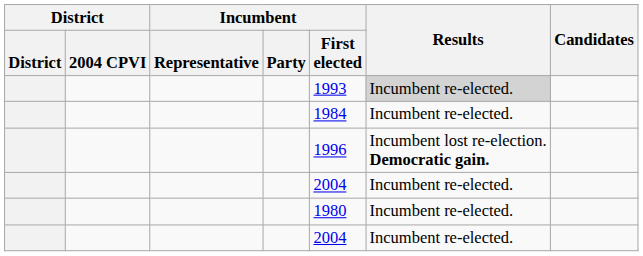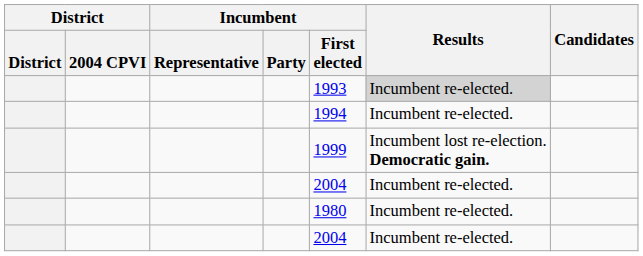 <table class="wikitable sortable">
 <tr>
 <th colspan=2>District</th>
 <th colspan=3>Incumbent</th>
 <th rowspan=2>Results</th>
 <th rowspan=2>Candidates</th>
 </tr>
 <tr valign=bottom>
 <th>District</th>
 <th>2004 CPVI</th>
 <th>Representative</th>
 <th>Party</th>
 <th>First<br>elected</th>
 </tr>
 <tr>
 <th></th>
 <td></td>
 <td></td>
 <td></td>
 <td><a href='#'>1993</a></td>
 <td style="background: lightgrey;">Incumbent re-elected.</td>
 <td nowrap></td>
 </tr>
 <tr>
 <th></th>
 <td></td>
 <td></td>
 <td></td>
-<td><a href='#'>1984</a></td>
+<td><a href='#'>1994</a></td>
 <td>Incumbent re-elected.</td>
 <td nowrap></td>
 </tr>
 <tr>
 <th></th>
 <td></td>
 <td></td>
 <td></td>
-<td><a href='#'>1996</a></td>
+<td><a href='#'>1999</a></td>
 <td>Incumbent lost re-election.<br><strong>Democratic gain.</strong></td>
 <td nowrap><br></td>
 </tr>
 <tr>
 <th></th>
 <td></td>
 <td></td>
 <td></td>
 <td><a href='#'>2004</a></td>
 <td>Incumbent re-elected.</td>
 <td nowrap></td>
 </tr>
 <tr>
 <th></th>
 <td></td>
 <td></td>
 <td></td>
 <td><a href='#'>1980</a></td>
 <td>Incumbent re-elected.</td>
 <td nowrap></td>
 </tr>
 <tr>
 <th></th>
 <td></td>
 <td></td>
 <td></td>
 <td><a href='#'>2004</a></td>
 <td>Incumbent re-elected.</td>
 <td nowrap></td>
 </tr>
 </table>
